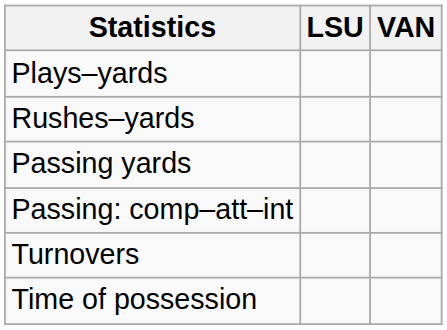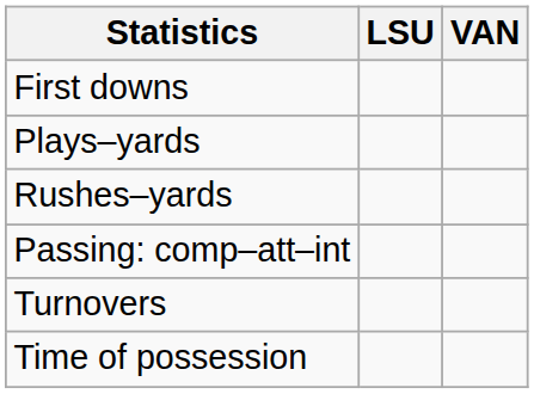 <table class="wikitable" style="float:left">
 <tr>
 <th>Statistics</th>
 <th>LSU</th>
 <th>VAN</th>
+</tr>
+<tr>
+<td>First downs</td>
+<td></td>
+<td></td>
 </tr>
 <tr>
 <td>Plays–yards</td>
 <td></td>
 <td></td>
 </tr>
 <tr>
 <td>Rushes–yards</td>
-<td></td>
-<td></td>
-</tr>
-<tr>
-<td>Passing yards</td>
 <td></td>
 <td></td>
 </tr>
 <tr>
 <td>Passing: comp–att–int</td>
 <td></td>
 <td></td>
 </tr>
 <tr>
 <td>Turnovers</td>
 <td></td>
 <td></td>
 </tr>
 <tr>
 <td>Time of possession</td>
 <td></td>
 <td></td>
 </tr>
 </table>
